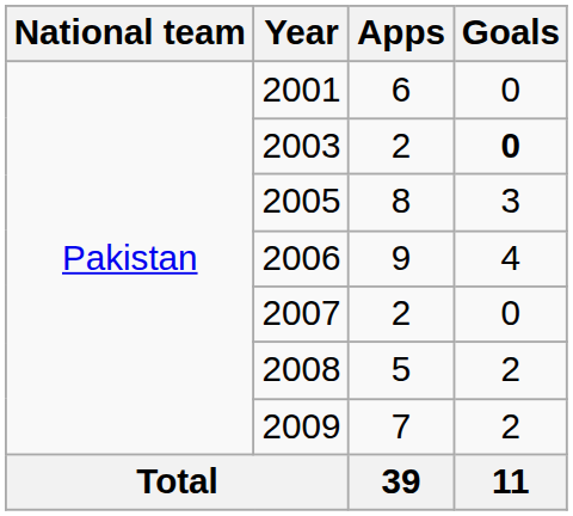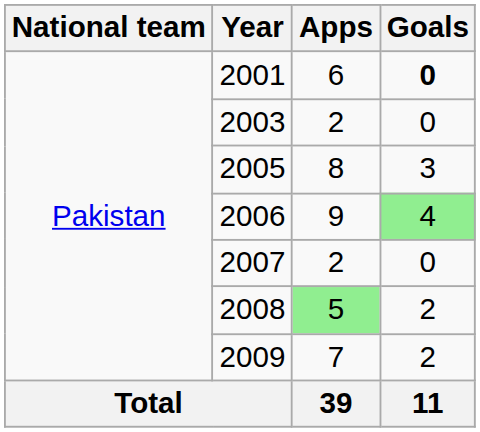 <table class="wikitable" style="text-align:center">
 <tr>
 <th>National team</th>
 <th>Year</th>
 <th>Apps</th>
 <th>Goals</th>
 </tr>
 <tr>
 <td rowspan="7"><a href='#'>Pakistan</a></td>
 <td>2001</td>
 <td>6</td>
-<td>0</td>
+<td><strong>0</strong></td>
 </tr>
 <tr>
 <td>2003</td>
 <td>2</td>
-<td><strong>0</strong></td>
+<td>0</td>
 </tr>
 <tr>
 <td>2005</td>
 <td>8</td>
 <td>3</td>
 </tr>
 <tr>
 <td>2006</td>
 <td>9</td>
-<td>4</td>
+<td style="background: lightgreen;">4</td>
 </tr>
 <tr>
 <td>2007</td>
 <td>2</td>
 <td>0</td>
 </tr>
 <tr>
 <td>2008</td>
-<td>5</td>
+<td style="background: lightgreen;">5</td>
 <td>2</td>
 </tr>
 <tr>
 <td>2009</td>
 <td>7</td>
 <td>2</td>
 </tr>
 <tr>
 <th colspan="2">Total</th>
 <th>39</th>
 <th>11</th>
 </tr>
 </table>
